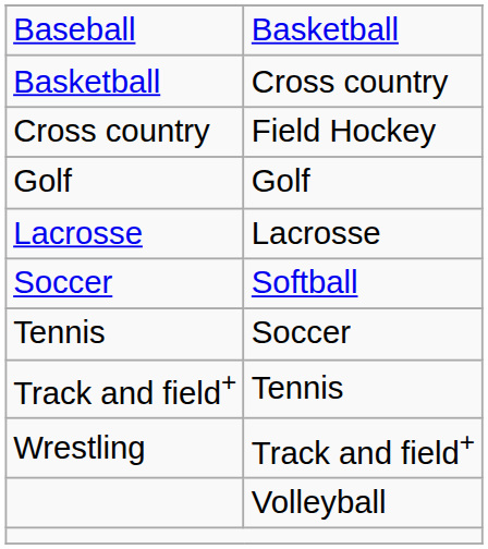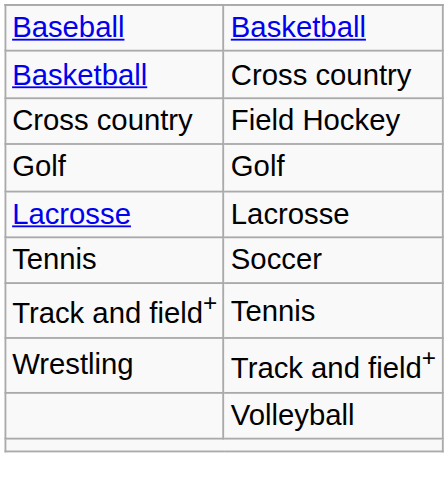 <table class="wikitable" style="float:right; clear:right; margin:0 0 1em 1em;">
 <tr>
 </tr>
 <tr>
 <td><a href='#'>Baseball</a></td>
 <td><a href='#'>Basketball</a></td>
 </tr>
 <tr>
 <td><a href='#'>Basketball</a></td>
 <td>Cross country</td>
 </tr>
 <tr>
 <td>Cross country</td>
 <td>Field Hockey</td>
 </tr>
 <tr>
 <td>Golf</td>
 <td>Golf</td>
 </tr>
 <tr>
 <td><a href='#'>Lacrosse</a></td>
 <td>Lacrosse</td>
 </tr>
 <tr>
-<td><a href='#'>Soccer</a></td>
-<td><a href='#'>Softball</a></td>
-</tr>
-<tr>
 <td>Tennis</td>
 <td>Soccer</td>
 </tr>
 <tr>
 <td>Track and field<sup>+</sup></td>
 <td>Tennis</td>
 </tr>
 <tr>
 <td>Wrestling</td>
 <td>Track and field<sup>+</sup></td>
 </tr>
 <tr>
 <td></td>
 <td>Volleyball</td>
 </tr>
 <tr>
 <td colspan="2"></td>
 </tr>
 </table>
